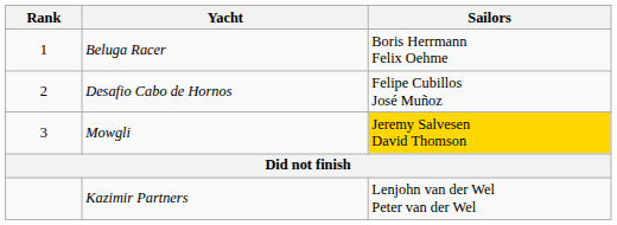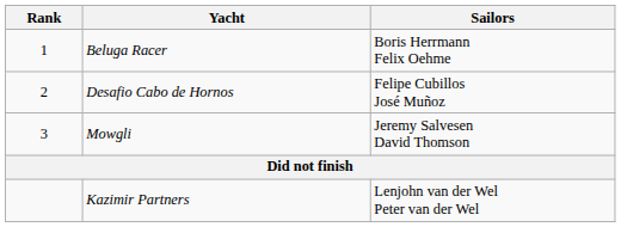 <table class="wikitable" style="width: 90%; font-size: 85%;">
 <tr>
 <th>Rank</th>
 <th>Yacht</th>
 <th>Sailors</th>
 </tr>
 <tr>
 <td align="center">1</td>
 <td><em>Beluga Racer</em></td>
 <td> Boris Herrmann<br> Felix Oehme</td>
 </tr>
 <tr>
 <td align="center">2</td>
 <td><em>Desafio Cabo de Hornos</em></td>
 <td> Felipe Cubillos<br> José Muñoz</td>
 </tr>
 <tr>
 <td align="center">3</td>
 <td><em>Mowgli</em></td>
-<td style="background: gold;"> Jeremy Salvesen<br> David Thomson</td>
+<td> Jeremy Salvesen<br> David Thomson</td>
 </tr>
 <tr>
 <th colspan=3>Did not finish</th>
 </tr>
 <tr>
 <td></td>
 <td><em>Kazimir Partners</em></td>
 <td> Lenjohn van der Wel<br> Peter van der Wel</td>
 </tr>
 </table>
